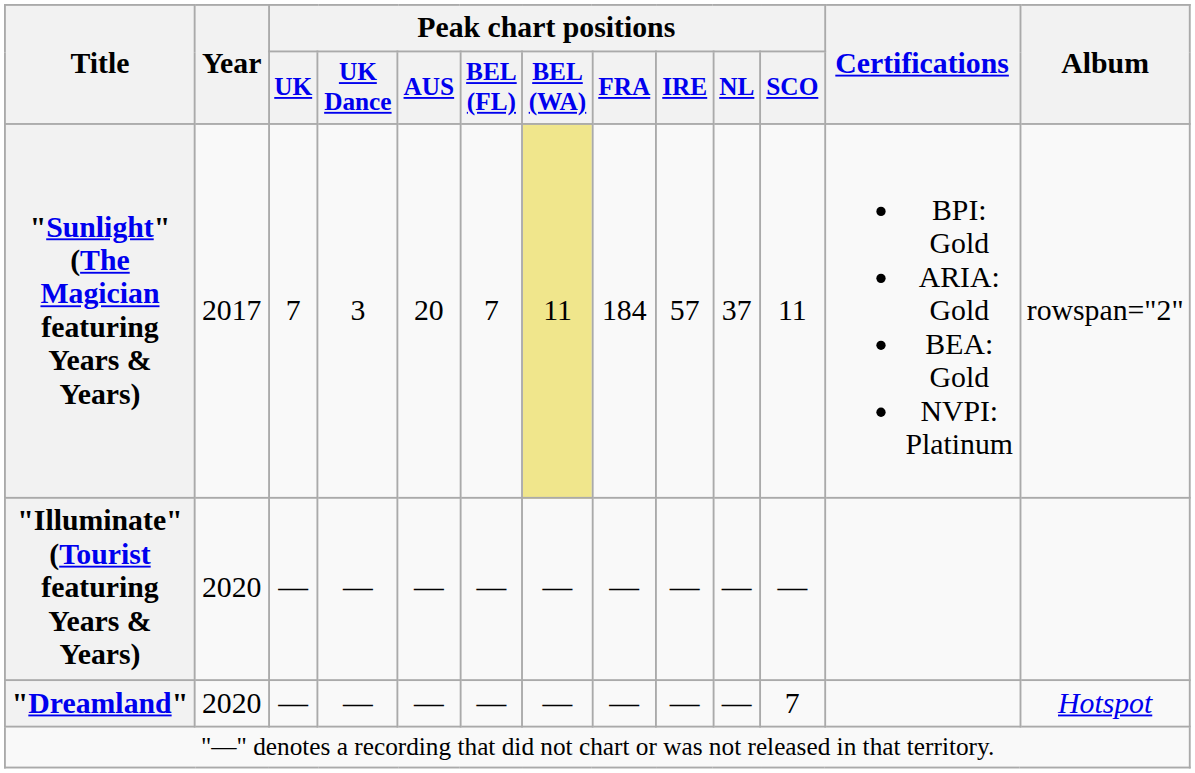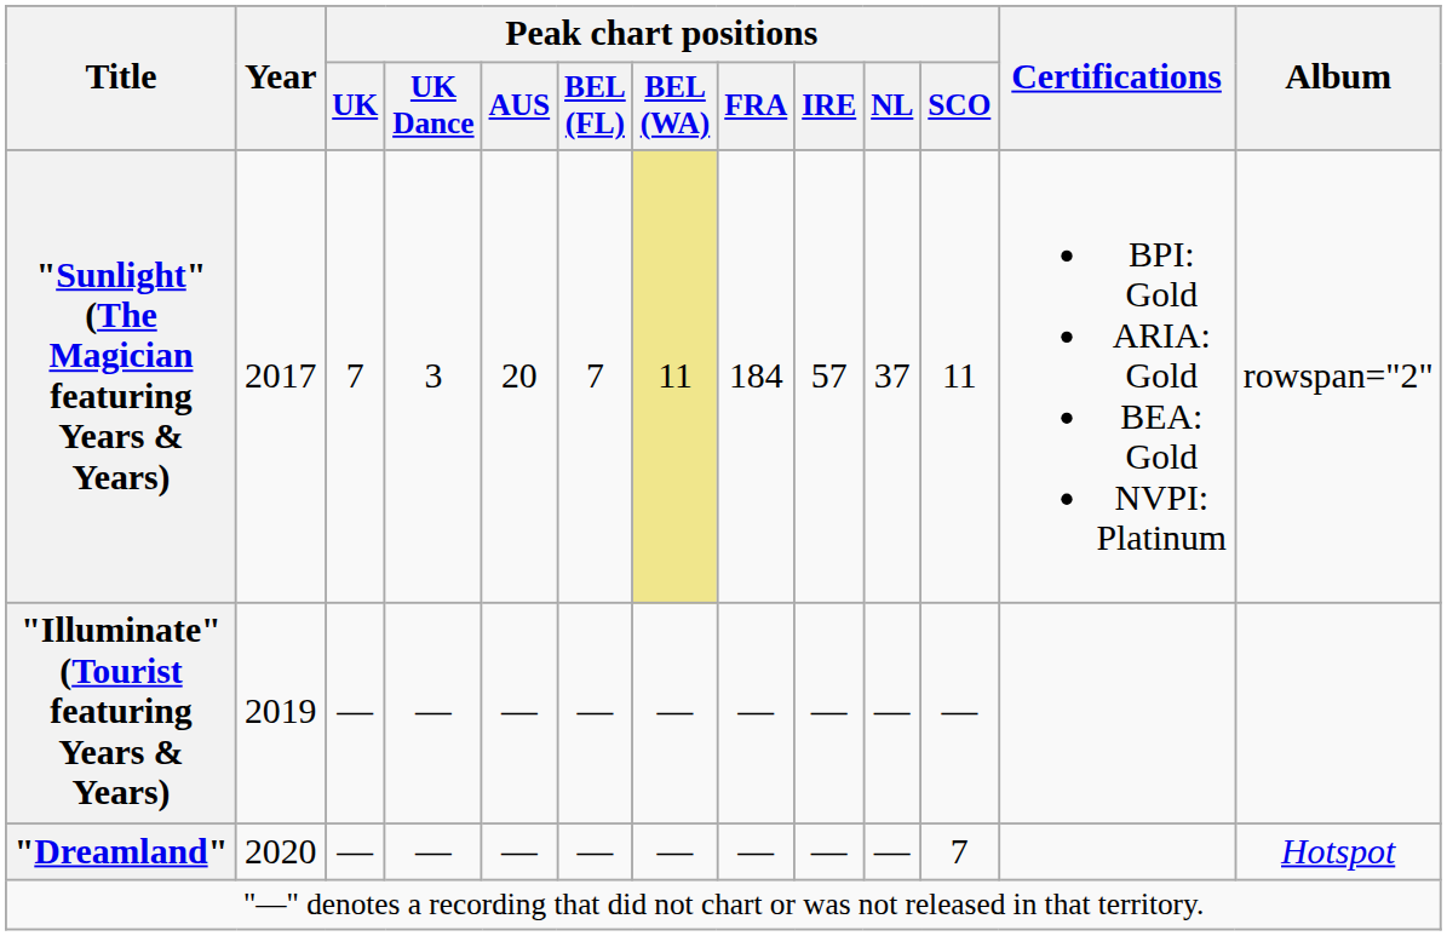 <table class="wikitable plainrowheaders" style="text-align:center;">
 <tr>
 <th scope="col" rowspan="2">Title</th>
 <th scope="col" rowspan="2" style="width:1em;">Year</th>
 <th scope="col" colspan="9">Peak chart positions</th>
 <th scope="col" rowspan="2"><a href='#'>Certifications</a></th>
 <th scope="col" rowspan="2">Album</th>
 </tr>
 <tr>
 <th scope="col" style="width:3em;font-size:85%;"><a href='#'>UK</a><br></th>
 <th scope="col" style="width:3em;font-size:85%;"><a href='#'>UK<br>Dance</a><br></th>
 <th scope="col" style="width:3em;font-size:85%;"><a href='#'>AUS</a><br></th>
 <th scope="col" style="width:3em;font-size:85%;"><a href='#'>BEL<br>(FL)</a><br></th>
 <th scope="col" style="width:3em;font-size:85%;"><a href='#'>BEL<br>(WA)</a><br></th>
 <th scope="col" style="width:3em;font-size:85%;"><a href='#'>FRA</a><br></th>
 <th scope="col" style="width:3em;font-size:85%;"><a href='#'>IRE</a><br></th>
 <th scope="col" style="width:3em;font-size:85%;"><a href='#'>NL</a><br></th>
 <th scope="col" style="width:3em;font-size:85%;"><a href='#'>SCO</a><br></th>
 </tr>
 <tr>
 <th scope="row">"<a href='#'>Sunlight</a>"<br><span>(<a href='#'>The Magician</a> featuring Years & Years)</span></th>
 <td rowspan="1">2017</td>
 <td>7</td>
 <td>3</td>
 <td>20</td>
 <td>7</td>
 <td style="background: khaki;">11</td>
 <td>184</td>
 <td>57</td>
 <td>37</td>
 <td>11</td>
 <td><br><ul><li>BPI: Gold</li><li>ARIA: Gold</li><li>BEA: Gold</li><li>NVPI: Platinum</li></ul></td>
 <td>rowspan="2" </td>
 </tr>
 <tr>
 <th scope="row">"Illuminate"<br><span>(<a href='#'>Tourist</a> featuring Years & Years)</span></th>
-<td>2020</td>
+<td>2019</td>
 <td>—</td>
 <td>—</td>
 <td>—</td>
 <td>—</td>
 <td>—</td>
 <td>—</td>
 <td>—</td>
 <td>—</td>
 <td>—</td>
 <td></td>
 </tr>
 <tr>
 <th scope="row">"<a href='#'>Dreamland</a>"<br></th>
 <td>2020</td>
 <td>—</td>
 <td>—</td>
 <td>—</td>
 <td>—</td>
 <td>—</td>
 <td>—</td>
 <td>—</td>
 <td>—</td>
 <td>7</td>
 <td></td>
 <td><em><a href='#'>Hotspot</a></em></td>
 </tr>
 <tr>
 <td colspan="13" align="center" style="font-size:85%">"—" denotes a recording that did not chart or was not released in that territory.</td>
 </tr>
 </table>
